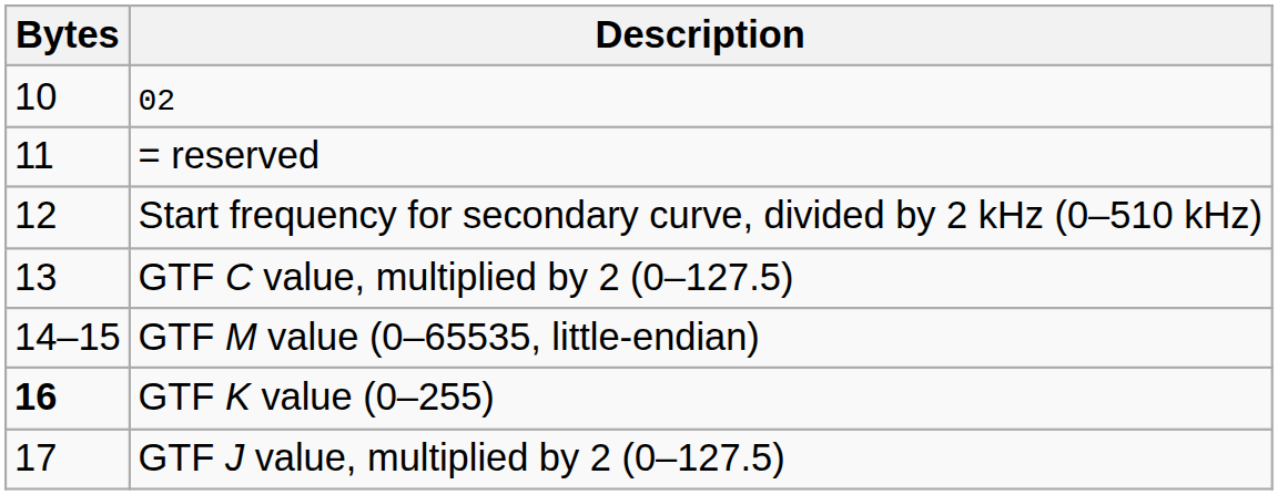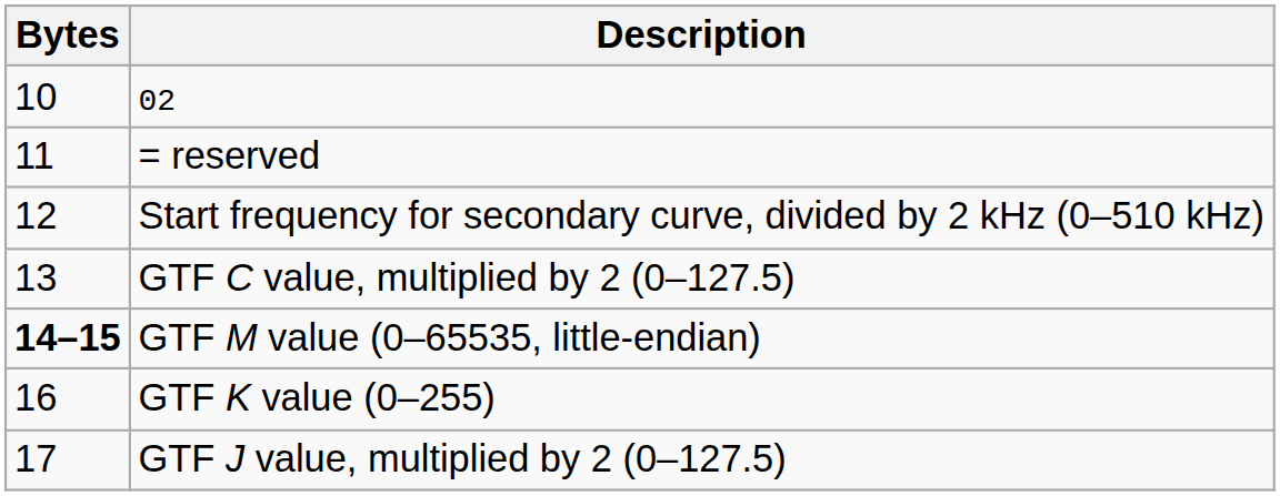 <table class=wikitable>
 <tr>
 <th>Bytes</th>
 <th>Description</th>
 </tr>
 <tr>
 <td>10</td>
 <td><code>02</code></td>
 </tr>
 <tr>
 <td>11</td>
 <td colspan=2> = reserved</td>
 </tr>
 <tr>
 <td>12</td>
 <td>Start frequency for secondary curve, divided by 2 kHz (0–510 kHz)</td>
 </tr>
 <tr>
 <td>13</td>
 <td>GTF <em>C</em> value, multiplied by 2 (0–127.5)</td>
 </tr>
 <tr>
-<td>14–15</td>
+<td><strong>14–15</strong></td>
 <td>GTF <em>M</em> value (0–65535, little-endian)</td>
 </tr>
 <tr>
-<td><strong>16</strong></td>
+<td>16</td>
 <td>GTF <em>K</em> value (0–255)</td>
 </tr>
 <tr>
 <td>17</td>
 <td>GTF <em>J</em> value, multiplied by 2 (0–127.5)</td>
 </tr>
 </table>
